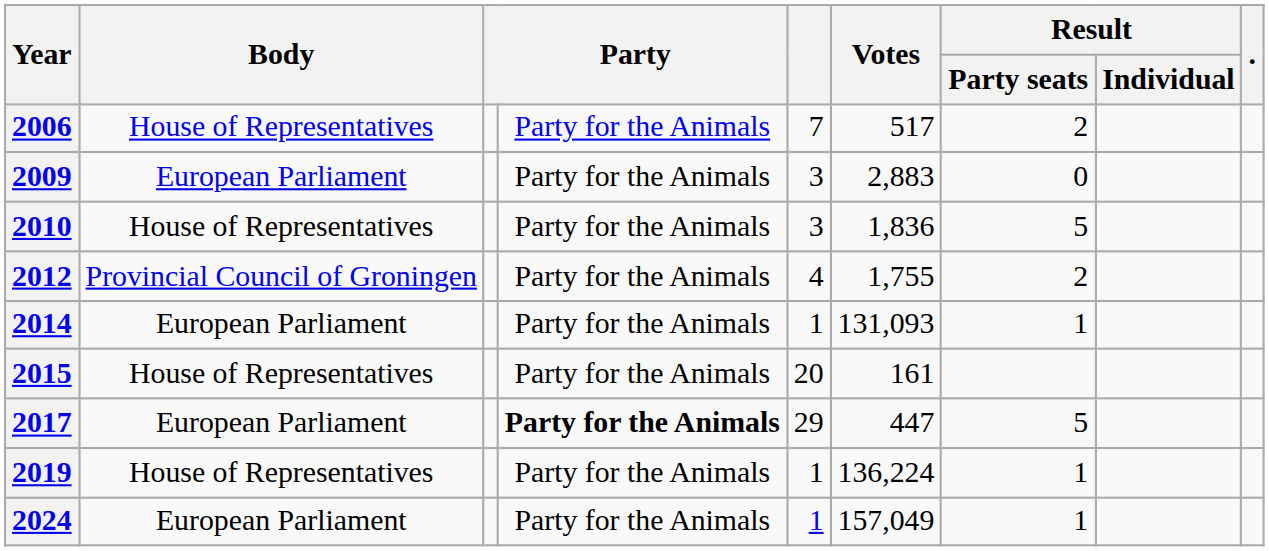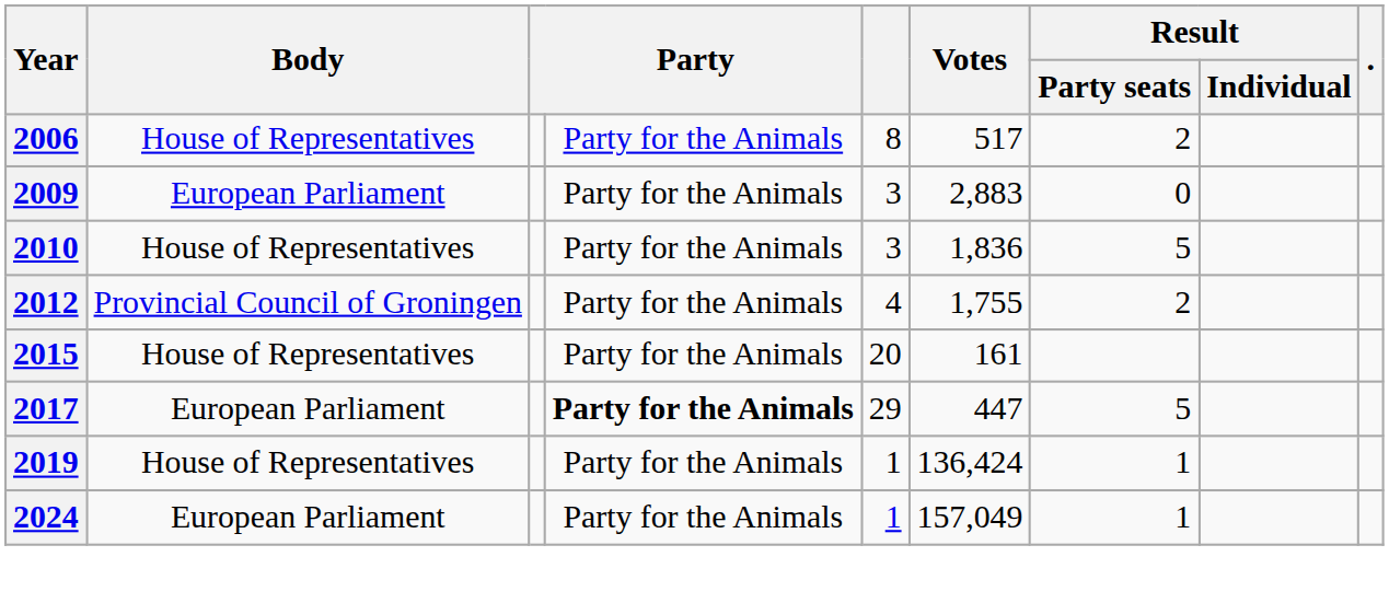 <table class="wikitable plainrowheaders sortable" border=2 cellpadding=4 cellspacing=0 style="border: 1px #aaa solid; font-size: 90%; text-align:center;">
 <tr>
 <th scope="col" rowspan=2>Year</th>
 <th scope="col" rowspan=2>Body</th>
 <th scope="col" colspan=2 rowspan=2>Party</th>
 <th scope="col" rowspan=2></th>
 <th scope="col" rowspan=2>Votes</th>
 <th scope="colgroup" colspan=2>Result</th>
 <th scope="col" rowspan=2>.</th>
 </tr>
 <tr>
 <th scope="col">Party seats</th>
 <th scope="col">Individual</th>
 </tr>
 <tr>
 <th scope="row"><a href='#'>2006</a></th>
 <td><a href='#'>House of Representatives</a></td>
 <td style="background-color:"></td>
 <td><a href='#'>Party for the Animals</a></td>
-<td style=text-align:right>7</td>
+<td style=text-align:right>8</td>
 <td style=text-align:right>517</td>
 <td style=text-align:right>2</td>
 <td></td>
 <td></td>
 </tr>
 <tr>
 <th scope="row"><a href='#'>2009</a></th>
 <td><a href='#'>European Parliament</a></td>
 <td style="background-color:"></td>
 <td>Party for the Animals</td>
 <td style=text-align:right>3</td>
 <td style=text-align:right>2,883</td>
 <td style=text-align:right>0</td>
 <td></td>
 <td></td>
 </tr>
 <tr>
 <th scope="row"><a href='#'>2010</a></th>
 <td>House of Representatives</td>
 <td style="background-color:"></td>
 <td>Party for the Animals</td>
 <td style=text-align:right>3</td>
 <td style=text-align:right>1,836</td>
 <td style=text-align:right>5</td>
 <td></td>
 <td></td>
 </tr>
 <tr>
 <th scope="row"><a href='#'>2012</a></th>
 <td><a href='#'>Provincial Council of Groningen</a></td>
 <td style="background-color:"></td>
 <td>Party for the Animals</td>
 <td style=text-align:right>4</td>
 <td style=text-align:right>1,755</td>
 <td style=text-align:right>2</td>
 <td></td>
 <td></td>
 </tr>
 <tr>
-<th scope="row"><a href='#'>2014</a></th>
-<td>European Parliament</td>
-<td style="background-color:"></td>
-<td>Party for the Animals</td>
-<td style=text-align:right>1</td>
-<td style=text-align:right>131,093</td>
-<td style=text-align:right>1</td>
-<td></td>
-<td></td>
-</tr>
-<tr>
 <th scope="row"><a href='#'>2015</a></th>
 <td>House of Representatives</td>
 <td style="background-color:"></td>
 <td>Party for the Animals</td>
 <td style=text-align:right>20</td>
 <td style=text-align:right>161</td>
 <td style=text-align:right></td>
 <td></td>
 <td></td>
 </tr>
 <tr>
 <th scope="row"><a href='#'>2017</a></th>
 <td>European Parliament</td>
 <td style="background-color:"></td>
 <td><strong>Party for the Animals</strong></td>
 <td style=text-align:right>29</td>
 <td style=text-align:right>447</td>
 <td style=text-align:right>5</td>
 <td></td>
 <td></td>
 </tr>
 <tr>
 <th scope="row"><a href='#'>2019</a></th>
 <td>House of Representatives</td>
 <td style="background-color:"></td>
 <td>Party for the Animals</td>
 <td style=text-align:right>1</td>
-<td style=text-align:right>136,224</td>
+<td style=text-align:right>136,424</td>
 <td style=text-align:right>1</td>
 <td></td>
 <td></td>
 </tr>
 <tr>
 <th scope="row"><a href='#'>2024</a></th>
 <td>European Parliament</td>
 <td style="background-color:"></td>
 <td>Party for the Animals</td>
 <td style=text-align:right><a href='#'>1</a></td>
 <td style=text-align:right>157,049</td>
 <td style=text-align:right>1</td>
 <td></td>
 <td></td>
 </tr>
 </table>
